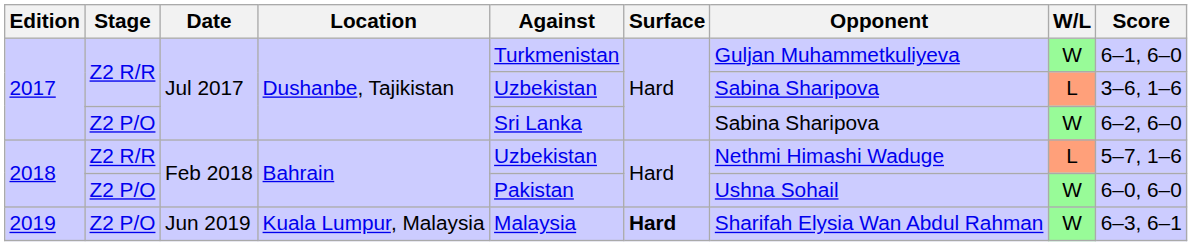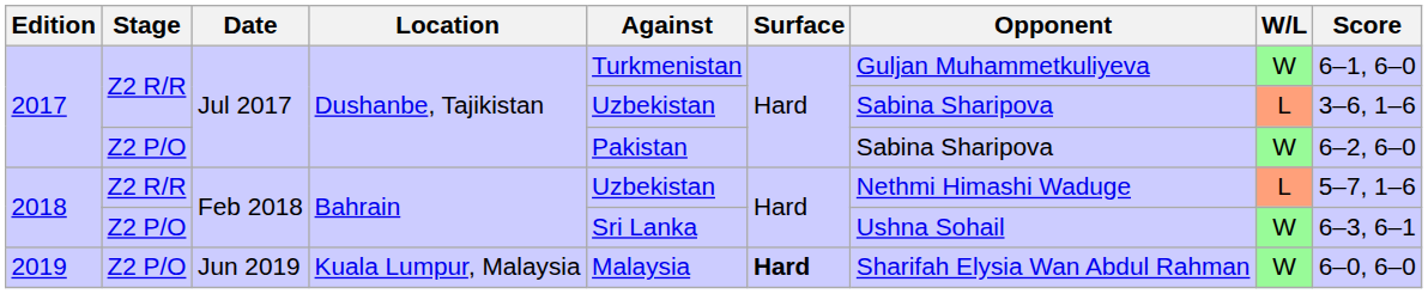 <table class=wikitable style=font-size:97%>
 <tr>
 <th>Edition</th>
 <th>Stage</th>
 <th>Date</th>
 <th>Location</th>
 <th>Against</th>
 <th>Surface</th>
 <th>Opponent</th>
 <th>W/L</th>
 <th>Score</th>
 </tr>
 <tr style="background:#ccf;">
 <td rowspan="3"><a href='#'>2017</a></td>
 <td rowspan="2"><a href='#'>Z2 R/R</a></td>
 <td rowspan="3">Jul 2017</td>
 <td rowspan="3"><a href='#'>Dushanbe</a>, Tajikistan</td>
 <td> <a href='#'>Turkmenistan</a></td>
 <td rowspan="3">Hard</td>
 <td> <a href='#'>Guljan Muhammetkuliyeva</a></td>
 <td style="text-align:center; background:#98fb98;">W</td>
 <td>6–1, 6–0</td>
 </tr>
 <tr style="background:#ccf;">
 <td> <a href='#'>Uzbekistan</a></td>
 <td> <a href='#'>Sabina Sharipova</a></td>
 <td style="text-align:center; background:#ffa07a;">L</td>
 <td>3–6, 1–6</td>
 </tr>
 <tr style="background:#ccf;">
 <td><a href='#'>Z2 P/O</a></td>
-<td> <a href='#'>Sri Lanka</a></td>
+<td> <a href='#'>Pakistan</a></td>
 <td> Sabina Sharipova</td>
 <td style="text-align:center; background:#98fb98;">W</td>
 <td>6–2, 6–0</td>
 </tr>
 <tr style="background:#ccf;">
 <td rowspan="2"><a href='#'>2018</a></td>
 <td><a href='#'>Z2 R/R</a></td>
 <td rowspan="2">Feb 2018</td>
 <td rowspan="2"><a href='#'>Bahrain</a></td>
 <td> <a href='#'>Uzbekistan</a></td>
 <td rowspan="2">Hard</td>
 <td> <a href='#'>Nethmi Himashi Waduge</a></td>
 <td style="text-align:center; background:#ffa07a;">L</td>
 <td>5–7, 1–6</td>
 </tr>
 <tr style="background:#ccf;">
 <td><a href='#'>Z2 P/O</a></td>
-<td> <a href='#'>Pakistan</a></td>
+<td> <a href='#'>Sri Lanka</a></td>
 <td> <a href='#'>Ushna Sohail</a></td>
 <td style="text-align:center; background:#98fb98;">W</td>
-<td>6–0, 6–0</td>
+<td>6–3, 6–1</td>
 </tr>
 <tr style="background:#ccf;">
 <td><a href='#'>2019</a></td>
 <td><a href='#'>Z2 P/O</a></td>
 <td>Jun 2019</td>
 <td><a href='#'>Kuala Lumpur</a>, Malaysia</td>
 <td> <a href='#'>Malaysia</a></td>
 <td><strong>Hard</strong></td>
 <td> <a href='#'>Sharifah Elysia Wan Abdul Rahman</a></td>
 <td style="text-align:center; background:#98fb98;">W</td>
-<td>6–3, 6–1</td>
+<td>6–0, 6–0</td>
 </tr>
 </table>
